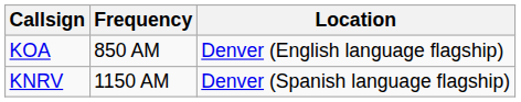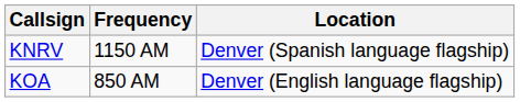 <table class="wikitable">
 <tr>
 <th>Callsign</th>
 <th>Frequency</th>
 <th>Location</th>
 </tr>
 <tr>
+<td><a href='#'>KNRV</a></td>
+<td>1150 AM</td>
+<td><a href='#'>Denver</a> (Spanish language flagship)</td>
+</tr>
+<tr>
 <td><a href='#'>KOA</a></td>
 <td>850 AM</td>
 <td><a href='#'>Denver</a> (English language flagship)</td>
 </tr>
-<tr>
-<td><a href='#'>KNRV</a></td>
-<td>1150 AM</td>
-<td><a href='#'>Denver</a> (Spanish language flagship)</td>
-</tr>
 </table>
